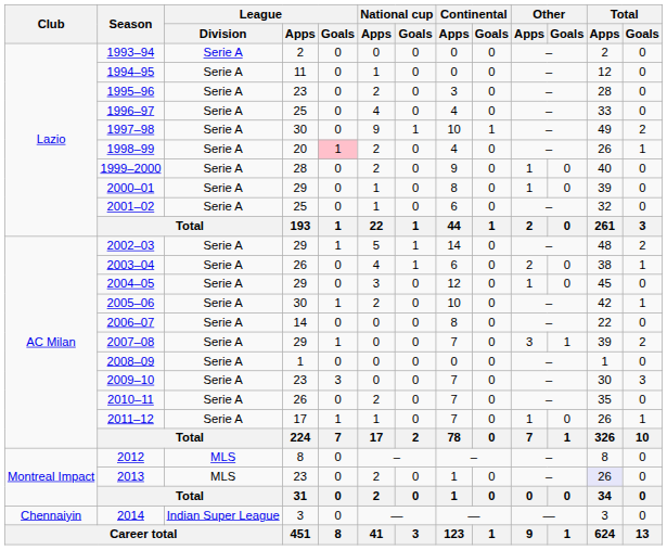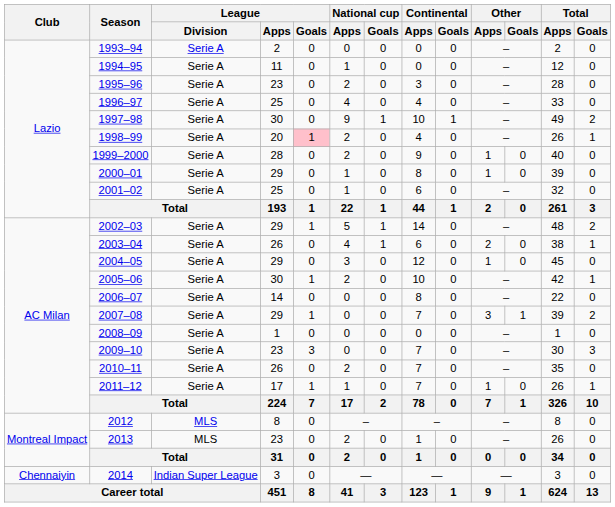 <table class="wikitable" style="text-align:center">
 <tr>
 <th rowspan="2">Club</th>
 <th rowspan="2">Season</th>
 <th colspan="3">League</th>
 <th colspan="2">National cup</th>
 <th colspan="2">Continental</th>
 <th colspan="2">Other</th>
 <th colspan="2">Total</th>
 </tr>
 <tr>
 <th>Division</th>
 <th>Apps</th>
 <th>Goals</th>
 <th>Apps</th>
 <th>Goals</th>
 <th>Apps</th>
 <th>Goals</th>
 <th>Apps</th>
 <th>Goals</th>
 <th>Apps</th>
 <th>Goals</th>
 </tr>
 <tr>
 <td rowspan="10"><a href='#'>Lazio</a></td>
 <td><a href='#'>1993–94</a></td>
 <td><a href='#'>Serie A</a></td>
 <td>2</td>
 <td>0</td>
 <td>0</td>
 <td>0</td>
 <td>0</td>
 <td>0</td>
 <td colspan="2">–</td>
 <td>2</td>
 <td>0</td>
 </tr>
 <tr>
 <td><a href='#'>1994–95</a></td>
 <td>Serie A</td>
 <td>11</td>
 <td>0</td>
 <td>1</td>
 <td>0</td>
 <td>0</td>
 <td>0</td>
 <td colspan="2">–</td>
 <td>12</td>
 <td>0</td>
 </tr>
 <tr>
 <td><a href='#'>1995–96</a></td>
 <td>Serie A</td>
 <td>23</td>
 <td>0</td>
 <td>2</td>
 <td>0</td>
 <td>3</td>
 <td>0</td>
 <td colspan="2">–</td>
 <td>28</td>
 <td>0</td>
 </tr>
 <tr>
 <td><a href='#'>1996–97</a></td>
 <td>Serie A</td>
 <td>25</td>
 <td>0</td>
 <td>4</td>
 <td>0</td>
 <td>4</td>
 <td>0</td>
 <td colspan="2">–</td>
 <td>33</td>
 <td>0</td>
 </tr>
 <tr>
 <td><a href='#'>1997–98</a></td>
 <td>Serie A</td>
 <td>30</td>
 <td>0</td>
 <td>9</td>
 <td>1</td>
 <td>10</td>
 <td>1</td>
 <td colspan="2">–</td>
 <td>49</td>
 <td>2</td>
 </tr>
 <tr>
 <td><a href='#'>1998–99</a></td>
 <td>Serie A</td>
 <td>20</td>
 <td style="background: pink;">1</td>
 <td>2</td>
 <td>0</td>
 <td>4</td>
 <td>0</td>
 <td colspan="2">–</td>
 <td>26</td>
 <td>1</td>
 </tr>
 <tr>
 <td><a href='#'>1999–2000</a></td>
 <td>Serie A</td>
 <td>28</td>
 <td>0</td>
 <td>2</td>
 <td>0</td>
 <td>9</td>
 <td>0</td>
 <td>1</td>
 <td>0</td>
 <td>40</td>
 <td>0</td>
 </tr>
 <tr>
 <td><a href='#'>2000–01</a></td>
 <td>Serie A</td>
 <td>29</td>
 <td>0</td>
 <td>1</td>
 <td>0</td>
 <td>8</td>
 <td>0</td>
 <td>1</td>
 <td>0</td>
 <td>39</td>
 <td>0</td>
 </tr>
 <tr>
 <td><a href='#'>2001–02</a></td>
 <td>Serie A</td>
 <td>25</td>
 <td>0</td>
 <td>1</td>
 <td>0</td>
 <td>6</td>
 <td>0</td>
 <td colspan="2">–</td>
 <td>32</td>
 <td>0</td>
 </tr>
 <tr>
 <th colspan="2">Total</th>
 <th>193</th>
 <th>1</th>
 <th>22</th>
 <th>1</th>
 <th>44</th>
 <th>1</th>
 <th>2</th>
 <th>0</th>
 <th>261</th>
 <th>3</th>
 </tr>
 <tr>
 <td rowspan="11"><a href='#'>AC Milan</a></td>
 <td><a href='#'>2002–03</a></td>
 <td>Serie A</td>
 <td>29</td>
 <td>1</td>
 <td>5</td>
 <td>1</td>
 <td>14</td>
 <td>0</td>
 <td colspan="2">–</td>
 <td>48</td>
 <td>2</td>
 </tr>
 <tr>
 <td><a href='#'>2003–04</a></td>
 <td>Serie A</td>
 <td>26</td>
 <td>0</td>
 <td>4</td>
 <td>1</td>
 <td>6</td>
 <td>0</td>
 <td>2</td>
 <td>0</td>
 <td>38</td>
 <td>1</td>
 </tr>
 <tr>
 <td><a href='#'>2004–05</a></td>
 <td>Serie A</td>
 <td>29</td>
 <td>0</td>
 <td>3</td>
 <td>0</td>
 <td>12</td>
 <td>0</td>
 <td>1</td>
 <td>0</td>
 <td>45</td>
 <td>0</td>
 </tr>
 <tr>
 <td><a href='#'>2005–06</a></td>
 <td>Serie A</td>
 <td>30</td>
 <td>1</td>
 <td>2</td>
 <td>0</td>
 <td>10</td>
 <td>0</td>
 <td colspan="2">–</td>
 <td>42</td>
 <td>1</td>
 </tr>
 <tr>
 <td><a href='#'>2006–07</a></td>
 <td>Serie A</td>
 <td>14</td>
 <td>0</td>
 <td>0</td>
 <td>0</td>
 <td>8</td>
 <td>0</td>
 <td colspan="2">–</td>
 <td>22</td>
 <td>0</td>
 </tr>
 <tr>
 <td><a href='#'>2007–08</a></td>
 <td>Serie A</td>
 <td>29</td>
 <td>1</td>
 <td>0</td>
 <td>0</td>
 <td>7</td>
 <td>0</td>
 <td>3</td>
 <td>1</td>
 <td>39</td>
 <td>2</td>
 </tr>
 <tr>
 <td><a href='#'>2008–09</a></td>
 <td>Serie A</td>
 <td>1</td>
 <td>0</td>
 <td>0</td>
 <td>0</td>
 <td>0</td>
 <td>0</td>
 <td colspan="2">–</td>
 <td>1</td>
 <td>0</td>
 </tr>
 <tr>
 <td><a href='#'>2009–10</a></td>
 <td>Serie A</td>
 <td>23</td>
 <td>3</td>
 <td>0</td>
 <td>0</td>
 <td>7</td>
 <td>0</td>
 <td colspan="2">–</td>
 <td>30</td>
 <td>3</td>
 </tr>
 <tr>
 <td><a href='#'>2010–11</a></td>
 <td>Serie A</td>
 <td>26</td>
 <td>0</td>
 <td>2</td>
 <td>0</td>
 <td>7</td>
 <td>0</td>
 <td colspan="2">–</td>
 <td>35</td>
 <td>0</td>
 </tr>
 <tr>
 <td><a href='#'>2011–12</a></td>
 <td>Serie A</td>
 <td>17</td>
 <td>1</td>
 <td>1</td>
 <td>0</td>
 <td>7</td>
 <td>0</td>
 <td>1</td>
 <td>0</td>
 <td>26</td>
 <td>1</td>
 </tr>
 <tr>
 <th colspan="2">Total</th>
 <th>224</th>
 <th>7</th>
 <th>17</th>
 <th>2</th>
 <th>78</th>
 <th>0</th>
 <th>7</th>
 <th>1</th>
 <th>326</th>
 <th>10</th>
 </tr>
 <tr>
 <td rowspan="3"><a href='#'>Montreal Impact</a></td>
 <td><a href='#'>2012</a></td>
 <td><a href='#'>MLS</a></td>
 <td>8</td>
 <td>0</td>
 <td colspan="2">–</td>
 <td colspan="2">–</td>
 <td colspan="2">–</td>
 <td>8</td>
 <td>0</td>
 </tr>
 <tr>
 <td><a href='#'>2013</a></td>
 <td>MLS</td>
 <td>23</td>
 <td>0</td>
 <td>2</td>
 <td>0</td>
 <td>1</td>
 <td>0</td>
 <td colspan="2">–</td>
-<td style="background: lavender;">26</td>
+<td>26</td>
 <td>0</td>
 </tr>
 <tr>
 <th colspan="2">Total</th>
 <th>31</th>
 <th>0</th>
 <th>2</th>
 <th>0</th>
 <th>1</th>
 <th>0</th>
 <th>0</th>
 <th>0</th>
 <th>34</th>
 <th>0</th>
 </tr>
 <tr>
 <td><a href='#'>Chennaiyin</a></td>
 <td><a href='#'>2014</a></td>
 <td><a href='#'>Indian Super League</a></td>
 <td>3</td>
 <td>0</td>
 <td colspan="2">—</td>
 <td colspan="2">—</td>
 <td colspan="2">—</td>
 <td>3</td>
 <td>0</td>
 </tr>
 <tr>
 <th colspan="3">Career total</th>
 <th>451</th>
 <th>8</th>
 <th>41</th>
 <th>3</th>
 <th>123</th>
 <th>1</th>
 <th>9</th>
 <th>1</th>
 <th>624</th>
 <th>13</th>
 </tr>
 </table>
